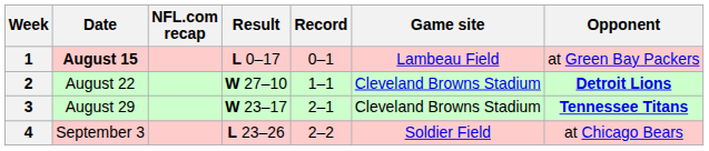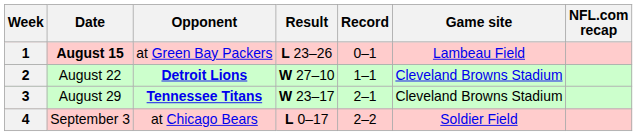 <table class="wikitable" style="text-align:center">
 <tr>
 <th>Week</th>
 <th>Date</th>
-<th>NFL.com<br>recap</th>
+<th>Opponent</th>
 <th>Result</th>
 <th>Record</th>
 <th>Game site</th>
-<th>Opponent</th>
+<th>NFL.com<br>recap</th>
 </tr>
 <tr style="background:#fcc;">
 <th>1</th>
 <td><strong>August 15</strong></td>
-<td></td>
-<td><strong>L</strong> 0–17</td>
+<td>at <a href='#'>Green Bay Packers</a></td>
+<td><strong>L</strong> 23–26</td>
 <td>0–1</td>
 <td><a href='#'>Lambeau Field</a></td>
-<td>at <a href='#'>Green Bay Packers</a></td>
+<td></td>
 </tr>
 <tr style="background:#cfc;">
 <th>2</th>
 <td>August 22</td>
-<td></td>
+<td><strong><a href='#'>Detroit Lions</a></strong></td>
 <td><strong>W</strong> 27–10</td>
 <td>1–1</td>
 <td><a href='#'>Cleveland Browns Stadium</a></td>
-<td><strong><a href='#'>Detroit Lions</a></strong></td>
+<td></td>
 </tr>
 <tr style="background:#cfc;">
 <th>3</th>
 <td>August 29</td>
-<td></td>
+<td><strong><a href='#'>Tennessee Titans</a></strong></td>
 <td><strong>W</strong> 23–17</td>
 <td>2–1</td>
 <td>Cleveland Browns Stadium</td>
-<td><strong><a href='#'>Tennessee Titans</a></strong></td>
+<td></td>
 </tr>
 <tr style="background:#fcc;">
 <th>4</th>
 <td>September 3</td>
-<td></td>
-<td><strong>L</strong> 23–26</td>
+<td>at <a href='#'>Chicago Bears</a></td>
+<td><strong>L</strong> 0–17</td>
 <td>2–2</td>
 <td><a href='#'>Soldier Field</a></td>
-<td>at <a href='#'>Chicago Bears</a></td>
+<td></td>
 </tr>
 </table>
